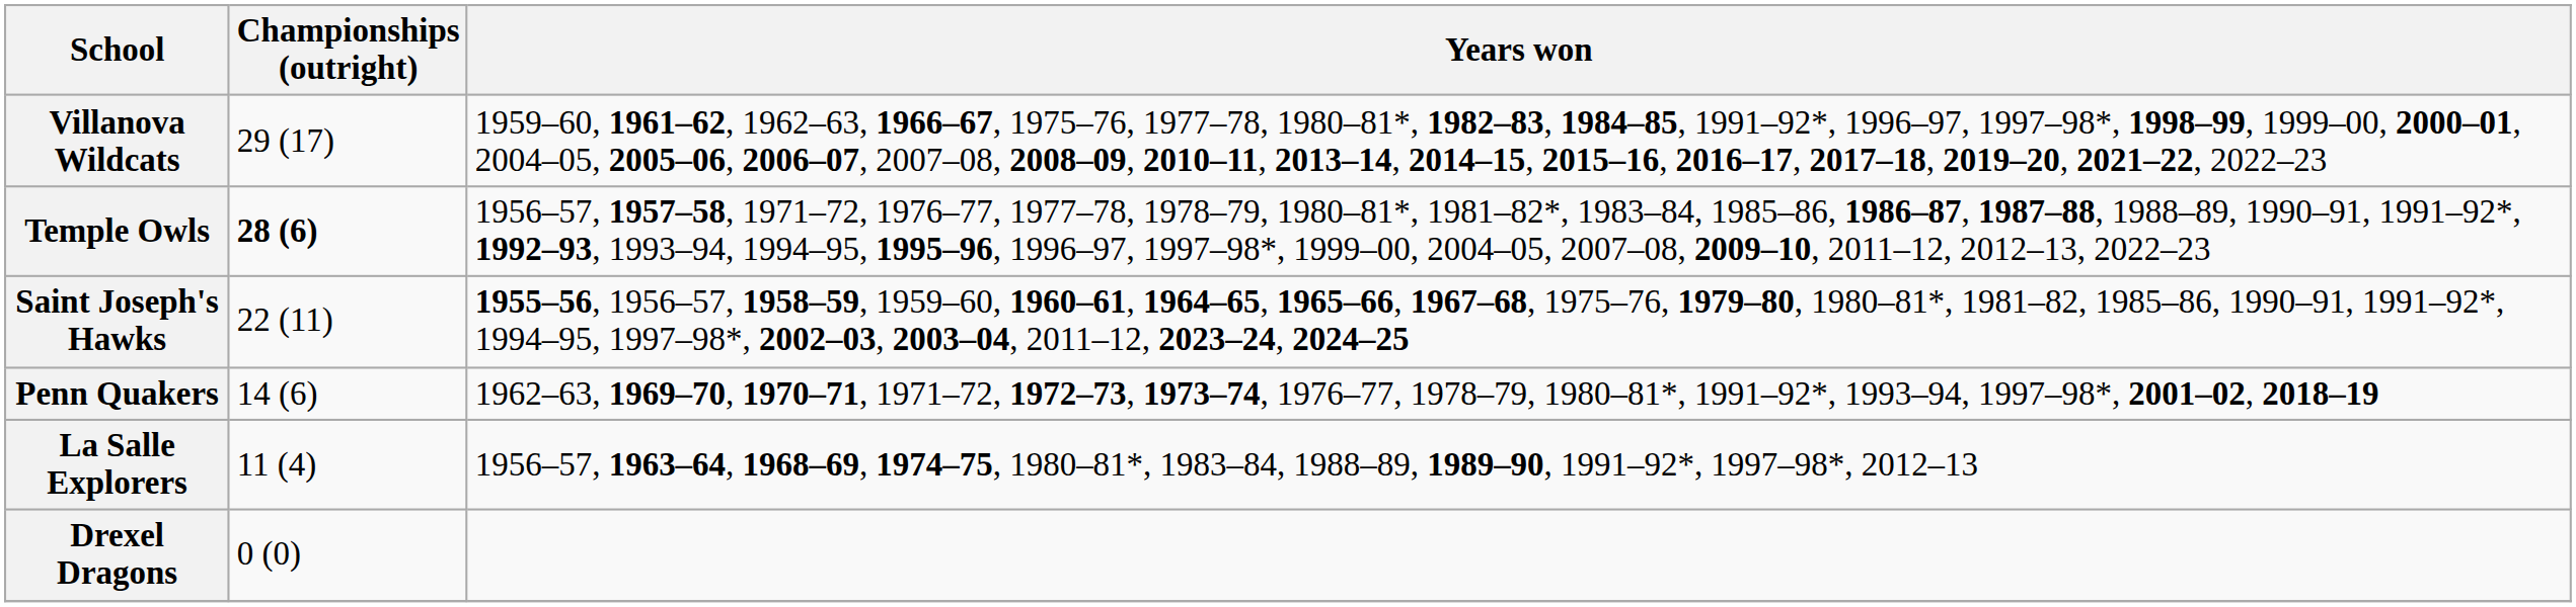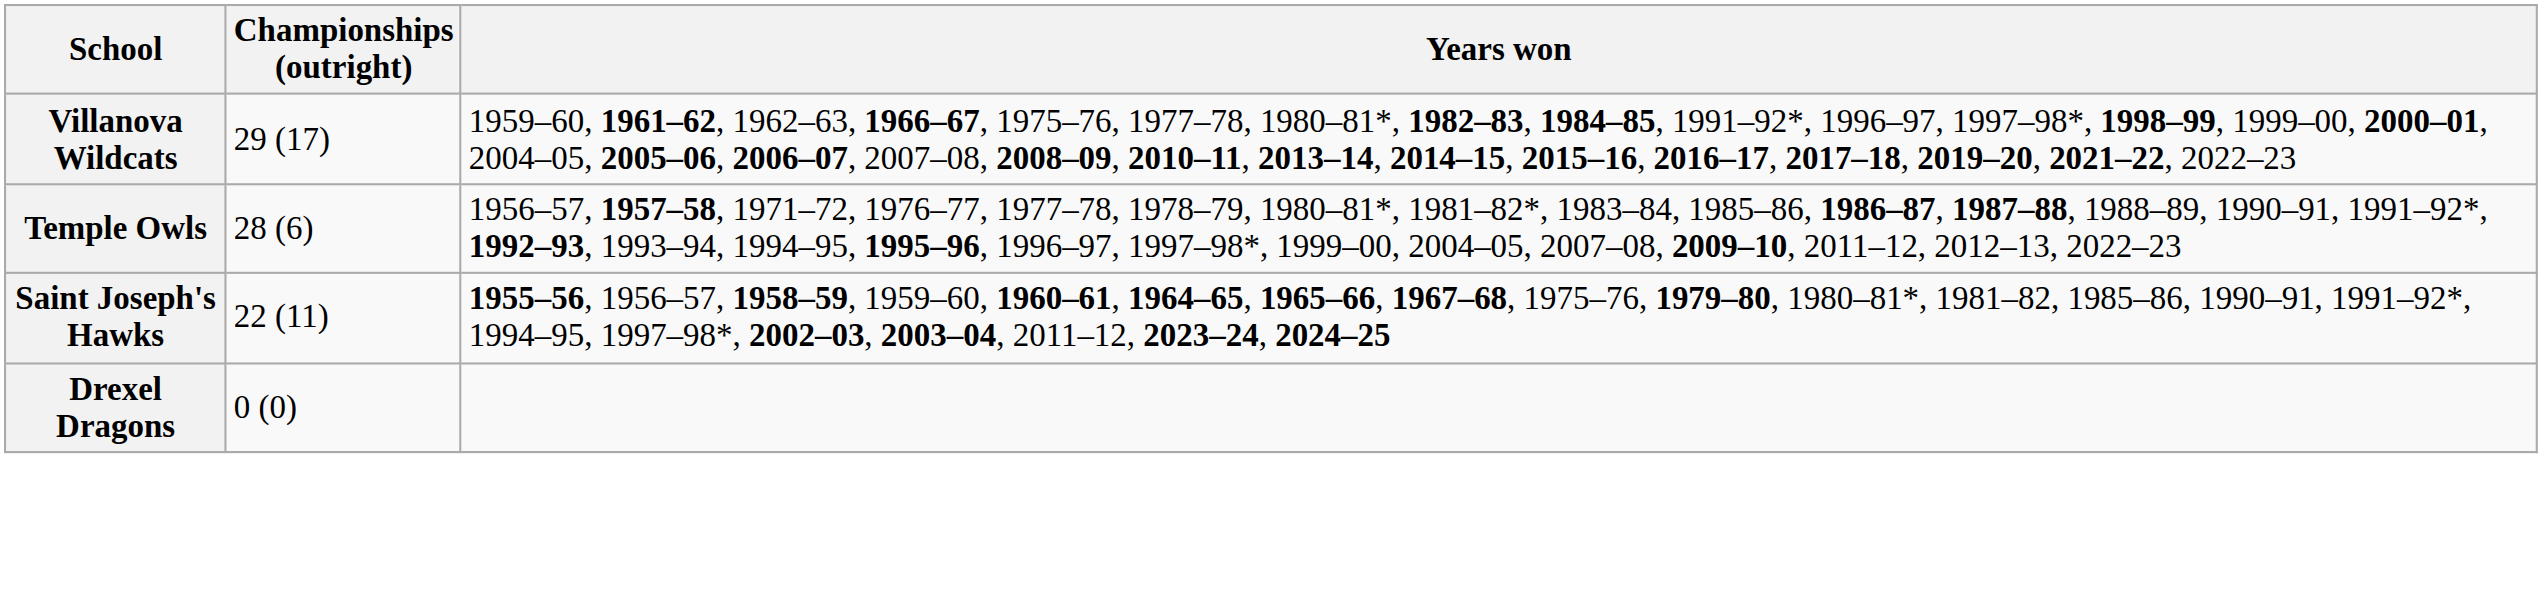 <table class="wikitable unsortable" style="text-align: left">
 <tr>
 <th width="100" class="unsortable">School</th>
 <th width="100" class="unsortable">Championships (outright)</th>
 <th width="1000" class="unsortable">Years won</th>
 </tr>
 <tr>
 <th>Villanova Wildcats</th>
 <td>29 (17)</td>
 <td>1959–60, <strong>1961–62</strong>, 1962–63, <strong>1966–67</strong>, 1975–76, 1977–78, 1980–81*, <strong>1982–83</strong>, <strong>1984–85</strong>, 1991–92*, 1996–97, 1997–98*, <strong>1998–99</strong>, 1999–00, <strong>2000–01</strong>, 2004–05, <strong>2005–06</strong>, <strong>2006–07</strong>, 2007–08, <strong>2008–09</strong>, <strong>2010–11</strong>, <strong>2013–14</strong>, <strong>2014–15</strong>, <strong>2015–16</strong>, <strong>2016–17</strong>, <strong>2017–18</strong>, <strong>2019–20</strong>, <strong>2021–22</strong>, 2022–23</td>
 </tr>
 <tr>
 <th>Temple Owls</th>
-<td><strong>28 (6)</strong></td>
+<td>28 (6)</td>
 <td>1956–57, <strong>1957–58</strong>, 1971–72, 1976–77, 1977–78, 1978–79, 1980–81*, 1981–82*, 1983–84, 1985–86, <strong>1986–87</strong>, <strong>1987–88</strong>, 1988–89, 1990–91, 1991–92*, <strong>1992–93</strong>, 1993–94, 1994–95, <strong>1995–96</strong>, 1996–97, 1997–98*, 1999–00, 2004–05, 2007–08, <strong>2009–10</strong>, 2011–12, 2012–13, 2022–23</td>
 </tr>
 <tr>
 <th>Saint Joseph's Hawks</th>
 <td>22 (11)</td>
 <td><strong>1955–56</strong>, 1956–57, <strong>1958–59</strong>, 1959–60, <strong>1960–61</strong>, <strong>1964–65</strong>, <strong>1965–66</strong>, <strong>1967–68</strong>, 1975–76, <strong>1979–80</strong>, 1980–81*, 1981–82, 1985–86, 1990–91, 1991–92*, 1994–95, 1997–98*, <strong>2002–03</strong>, <strong>2003–04</strong>, 2011–12, <strong>2023–24</strong>, <strong>2024–25</strong></td>
-</tr>
-<tr>
-<th>Penn Quakers</th>
-<td>14 (6)</td>
-<td>1962–63, <strong>1969–70</strong>, <strong>1970–71</strong>, 1971–72, <strong>1972–73</strong>, <strong>1973–74</strong>, 1976–77, 1978–79, 1980–81*, 1991–92*, 1993–94, 1997–98*, <strong>2001–02</strong>, <strong>2018–19</strong></td>
-</tr>
-<tr>
-<th>La Salle Explorers</th>
-<td>11 (4)</td>
-<td>1956–57, <strong>1963–64</strong>, <strong>1968–69</strong>, <strong>1974–75</strong>, 1980–81*, 1983–84, 1988–89, <strong>1989–90</strong>, 1991–92*, 1997–98*, 2012–13</td>
 </tr>
 <tr>
 <th>Drexel Dragons</th>
 <td>0 (0)</td>
 <td></td>
 </tr>
 <tr>
 </tr>
 </table>
